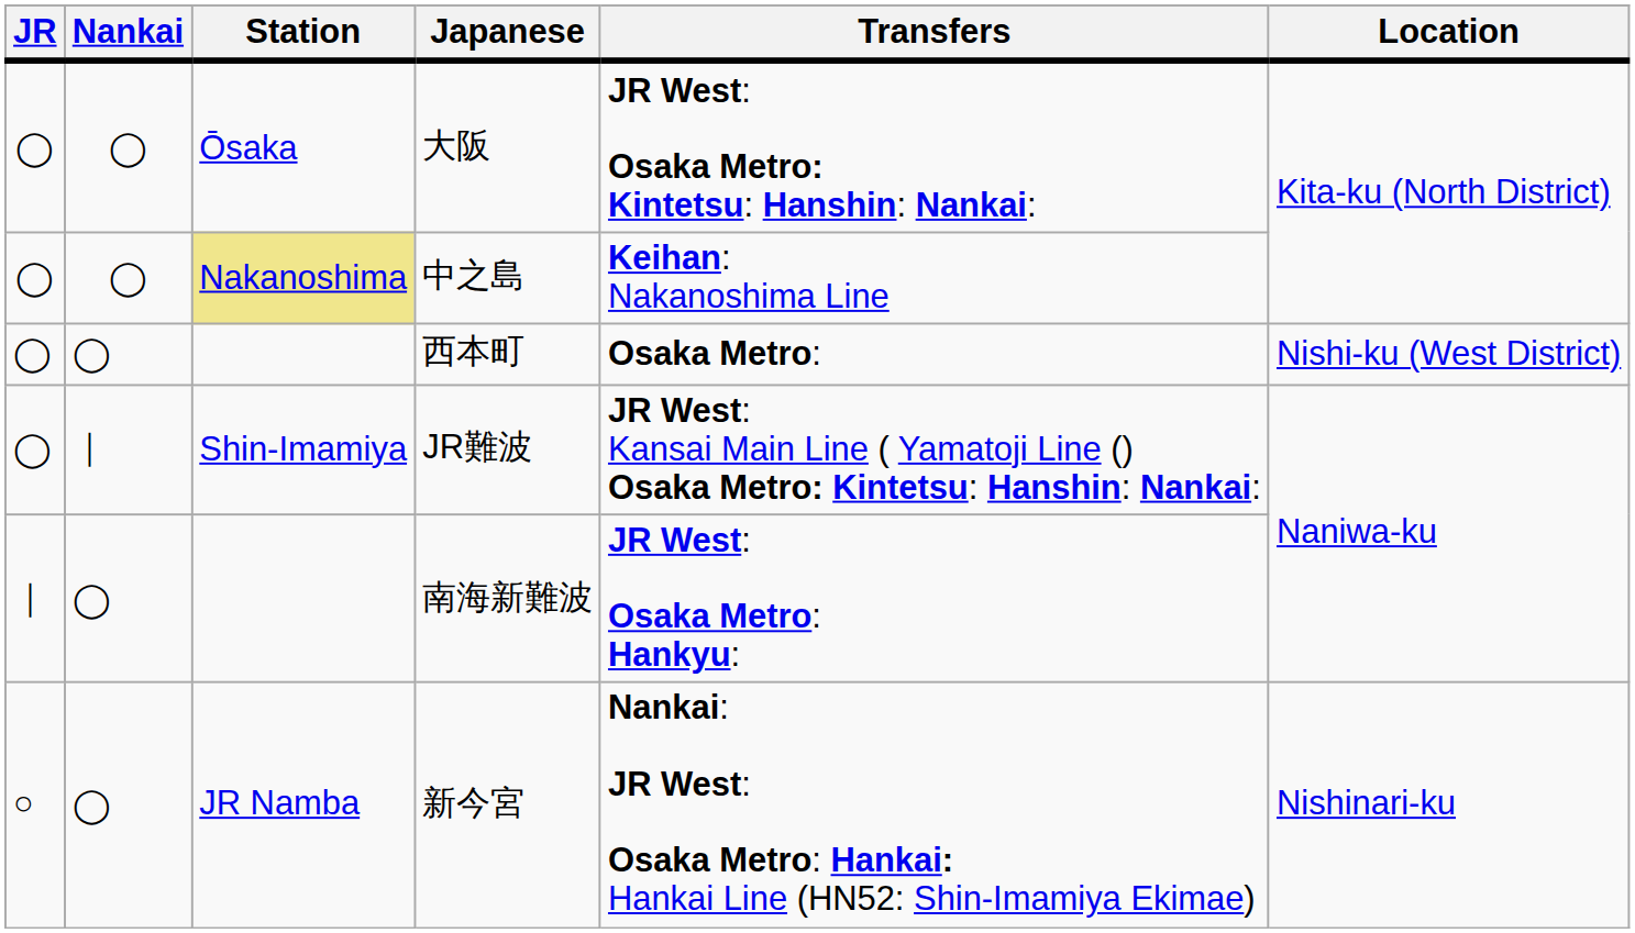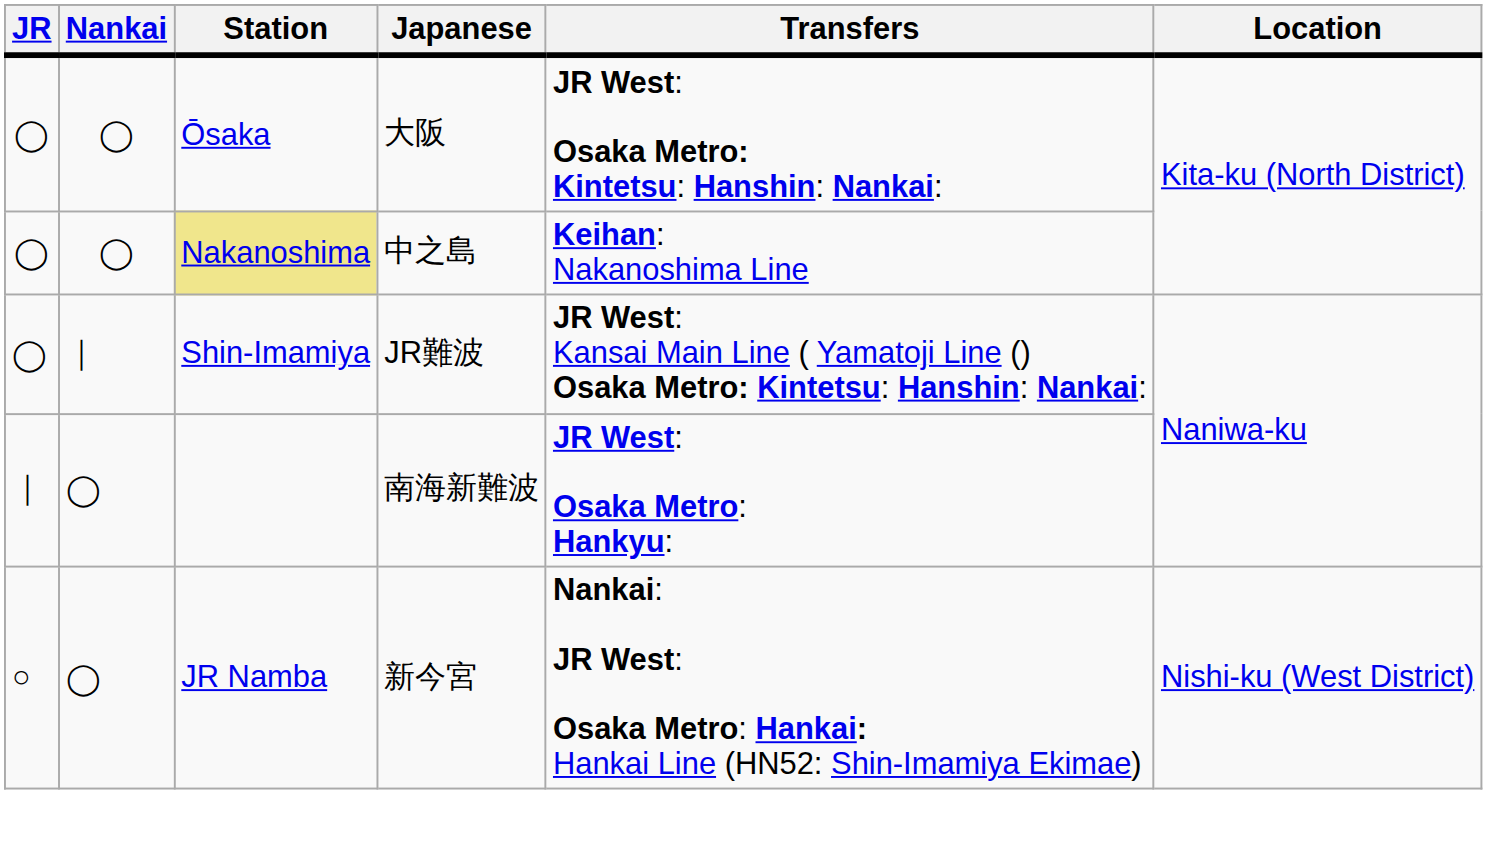 <table class="wikitable">
 <tr>
 <th style="border-bottom:solid 3px ;"><a href='#'>JR</a></th>
 <th style="border-bottom:solid 3px ;"><a href='#'>Nankai</a></th>
 <th style="border-bottom:solid 3px ;">Station</th>
 <th style="border-bottom:solid 3px ;">Japanese</th>
 <th style="border-bottom:solid 3px ;">Transfers</th>
 <th style="border-bottom:solid 3px ;">Location</th>
 </tr>
 <tr>
 <td style="text-align:center;">◯</td>
 <td style="text-align:center;">◯</td>
 <td><a href='#'>Ōsaka</a></td>
 <td>大阪</td>
 <td><strong>JR West</strong>:<br><br><strong>Osaka Metro:</strong> <br><a href='#'><strong>Kintetsu</strong></a>:  <a href='#'><strong>Hanshin</strong></a>:  <strong><a href='#'>Nankai</a></strong>: </td>
 <td rowspan="2"><a href='#'>Kita-ku (North District)</a></td>
 </tr>
 <tr>
 <td style="text-align:center;">◯</td>
 <td style="text-align:center;">◯</td>
 <td style="background: khaki;"><a href='#'>Nakanoshima</a></td>
 <td>中之島</td>
 <td><a href='#'><strong>Keihan</strong></a>:<br> <a href='#'>Nakanoshima Line</a></td>
 </tr>
 <tr>
 <td>◯</td>
-<td>◯</td>
-<td></td>
-<td>西本町</td>
-<td><strong>Osaka Metro</strong>:<br></td>
-<td><a href='#'>Nishi-ku (West District)</a></td>
-</tr>
-<tr>
-<td>◯</td>
 <td>｜</td>
 <td><a href='#'>Shin-Imamiya</a></td>
 <td>JR難波</td>
 <td><strong>JR West</strong>:<br><a href='#'>Kansai Main Line</a> (  <a href='#'>Yamatoji Line</a> (<a href='#'></a>)<br><strong>Osaka Metro:</strong>  <a href='#'><strong>Kintetsu</strong></a>:  <a href='#'><strong>Hanshin</strong></a>:  <strong><a href='#'>Nankai</a></strong>: </td>
 <td rowspan="2"><a href='#'>Naniwa-ku</a></td>
 </tr>
 <tr>
 <td>｜</td>
 <td>◯</td>
 <td></td>
 <td>南海新難波</td>
 <td><strong><a href='#'>JR West</a></strong>:<br><br><strong><a href='#'>Osaka Metro</a></strong>: <br><a href='#'><strong>Hankyu</strong></a>: </td>
 </tr>
 <tr>
 <td>○</td>
 <td>◯</td>
 <td><a href='#'>JR Namba</a></td>
 <td>新今宮</td>
 <td><strong>Nankai</strong>:<br><br><strong>JR West</strong>:<br><br><strong>Osaka Metro</strong>:  <strong><a href='#'>Hankai</a>:</strong><br> <a href='#'>Hankai Line</a> (HN52: <a href='#'>Shin-Imamiya Ekimae</a>)</td>
-<td><a href='#'>Nishinari-ku</a></td>
+<td><a href='#'>Nishi-ku (West District)</a></td>
 </tr>
 </table>
